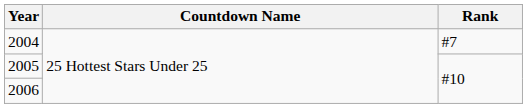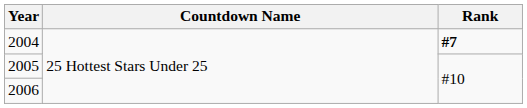 <table class="wikitable sortable">
 <tr>
 <th scope="col" style="width:1em;">Year</th>
 <th scope="col" style="width:25em;">Countdown Name</th>
 <th scope="col" style="width:5em;">Rank</th>
 </tr>
 <tr>
 <td>2004</td>
 <td rowspan=3>25 Hottest Stars Under 25</td>
-<td>#7</td>
+<td><strong>#7</strong></td>
 </tr>
 <tr>
 <td>2005</td>
 <td rowspan=2>#10</td>
 </tr>
 <tr>
 <td>2006</td>
 </tr>
 </table>
